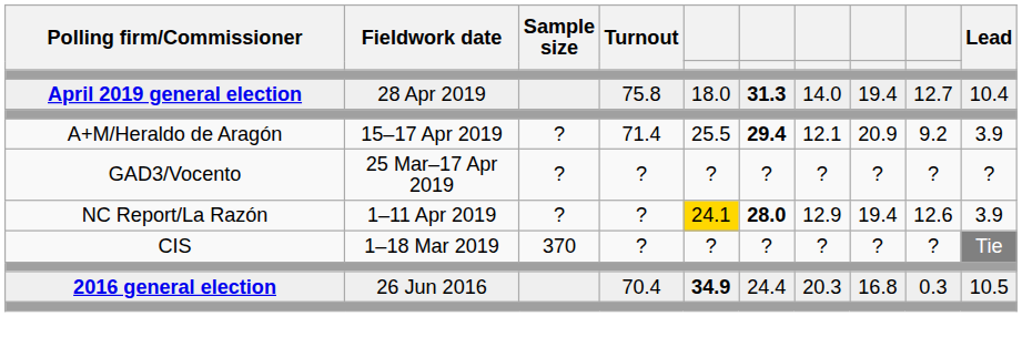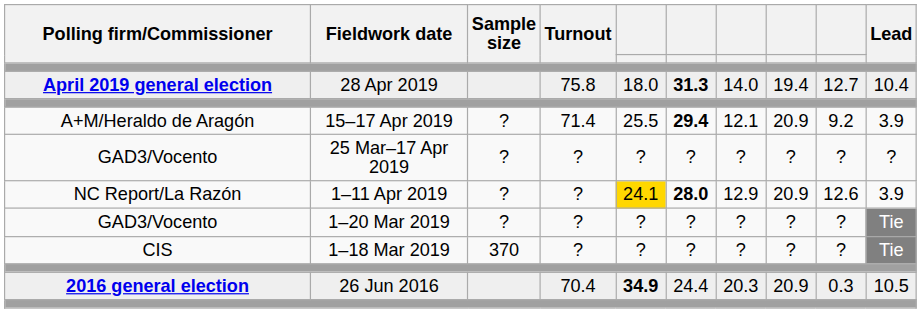 <table class="wikitable collapsible collapsed" style="text-align:center; font-size:95%; line-height:16px;">
 <tr style="height:42px;">
 <th style="width:250px;" rowspan="2">Polling firm/Commissioner</th>
 <th style="width:125px;" rowspan="2">Fieldwork date</th>
 <th style="width:50px;" rowspan="2">Sample size</th>
 <th style="width:45px;" rowspan="2">Turnout</th>
 <th style="width:35px;"></th>
 <th style="width:35px;"></th>
 <th style="width:35px;"></th>
 <th style="width:35px;"></th>
 <th style="width:35px;"></th>
 <th style="width:30px;" rowspan="2">Lead</th>
 </tr>
 <tr>
 <th style="color:inherit;background:"></th>
 <th style="color:inherit;background:"></th>
 <th style="color:inherit;background:"></th>
 <th style="color:inherit;background:"></th>
 <th style="color:inherit;background:"></th>
 </tr>
 <tr>
 <td colspan="10" style="background:#A0A0A0"></td>
 </tr>
 <tr style="background:#EFEFEF;">
 <td><strong><a href='#'>April 2019 general election</a></strong></td>
 <td>28 Apr 2019</td>
 <td></td>
 <td>75.8</td>
 <td>18.0<br></td>
 <td><strong>31.3</strong><br></td>
 <td>14.0<br></td>
 <td>19.4<br></td>
 <td>12.7<br></td>
 <td style="background:">10.4</td>
 </tr>
 <tr>
 <td colspan="10" style="background:#A0A0A0"></td>
 </tr>
 <tr>
 <td>A+M/Heraldo de Aragón</td>
 <td>15–17 Apr 2019</td>
 <td>?</td>
 <td>71.4</td>
 <td>25.5<br></td>
 <td><strong>29.4</strong><br></td>
 <td>12.1<br></td>
 <td>20.9<br></td>
 <td>9.2<br></td>
 <td style="background:">3.9</td>
 </tr>
 <tr>
 <td>GAD3/Vocento</td>
 <td>25 Mar–17 Apr 2019</td>
 <td>?</td>
 <td>?</td>
 <td>?<br></td>
 <td>?<br></td>
 <td>?<br></td>
 <td>?<br></td>
 <td>?<br></td>
 <td style="background:">?</td>
 </tr>
 <tr>
 <td>NC Report/La Razón</td>
 <td>1–11 Apr 2019</td>
 <td>?</td>
 <td>?</td>
 <td style="background: gold;">24.1<br></td>
 <td><strong>28.0</strong><br></td>
 <td>12.9<br></td>
-<td>19.4<br></td>
+<td>20.9<br></td>
 <td>12.6<br></td>
 <td style="background:">3.9</td>
+</tr>
+<tr>
+<td>GAD3/Vocento</td>
+<td>1–20 Mar 2019</td>
+<td>?</td>
+<td>?</td>
+<td>?<br></td>
+<td>?<br></td>
+<td>?<br></td>
+<td>?<br></td>
+<td>?<br></td>
+<td style="background:gray;color:white;">Tie</td>
 </tr>
 <tr>
 <td>CIS</td>
 <td>1–18 Mar 2019</td>
 <td>370</td>
 <td>?</td>
 <td>?<br></td>
 <td>?<br></td>
 <td>?<br></td>
 <td>?<br></td>
 <td>?<br></td>
 <td style="background:gray;color:white;">Tie</td>
 </tr>
 <tr>
 <td colspan="10" style="background:#A0A0A0"></td>
 </tr>
 <tr style="background:#EFEFEF;">
 <td><strong><a href='#'>2016 general election</a></strong></td>
 <td>26 Jun 2016</td>
 <td></td>
 <td>70.4</td>
 <td><strong>34.9</strong><br></td>
 <td>24.4<br></td>
 <td>20.3<br></td>
-<td>16.8<br></td>
+<td>20.9<br></td>
 <td>0.3<br></td>
 <td style="background:">10.5</td>
 </tr>
 <tr>
 <td colspan="10" style="background:#A0A0A0"></td>
 </tr>
 </table>
